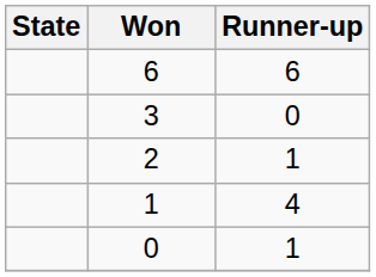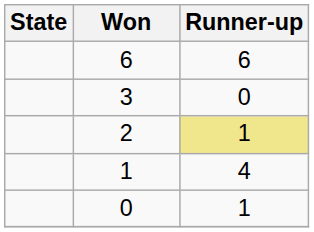 <table class="wikitable plainrowheaders sortable">
 <tr>
 <th class="unsortable" scope=col>State</th>
 <th scope=col width=66>Won</th>
 <th scope=col>Runner-up</th>
 </tr>
 <tr>
 <td></td>
 <td align=center>6</td>
 <td align=center>6</td>
 </tr>
 <tr>
 <td></td>
 <td align=center>3</td>
 <td align=center>0</td>
 </tr>
 <tr>
 <td></td>
 <td align=center>2</td>
-<td align=center>1</td>
+<td align=center style="background: khaki;">1</td>
 </tr>
 <tr>
 <td></td>
 <td align=center>1</td>
 <td align=center>4</td>
 </tr>
 <tr>
 <td></td>
 <td align=center>0</td>
 <td align=center>1</td>
 </tr>
 <tr>
 </tr>
 </table>
